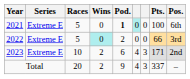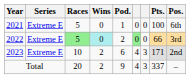 <table class="wikitable" style="text-align:center; font-size:85%">
 <tr>
 <th>Year</th>
 <th>Series</th>
 <th>Races</th>
 <th>Wins</th>
 <th>Pod.</th>
 <th></th>
 <th></th>
 <th>Pts.</th>
 <th>Pos.</th>
 </tr>
 <tr>
 <td><a href='#'>2021</a></td>
 <td><a href='#'>Extreme E</a></td>
 <td>5</td>
 <td>0</td>
-<td><strong>1</strong></td>
-<td style="background: paleturquoise;">0</td>
+<td>1</td>
+<td>0</td>
 <td>0</td>
 <td>100</td>
 <td>6th</td>
 </tr>
 <tr>
 <td><a href='#'>2022</a></td>
 <td><a href='#'>Extreme E</a></td>
-<td>5</td>
+<td style="background: lightgreen;">5</td>
 <td style="background: paleturquoise;">0</td>
 <td>2</td>
-<td>0</td>
+<td style="background: lightgreen;">0</td>
 <td>0</td>
 <td style="background:#ffdf9f;">66</td>
 <td style="background:#ffdf9f;">3rd</td>
 </tr>
 <tr>
 <td><a href='#'>2023</a></td>
 <td><a href='#'>Extreme E</a></td>
 <td>10</td>
 <td>2</td>
 <td>6</td>
 <td>4</td>
 <td>3</td>
 <td style="background:#dfdfdf;">171</td>
 <td style="background:#dfdfdf;">2nd</td>
 </tr>
 <tr>
 <td colspan="2">Total</td>
 <td>20</td>
 <td>2</td>
 <td>9</td>
 <td>4</td>
 <td>3</td>
 <td>337</td>
 <td>–</td>
 </tr>
 </table>
